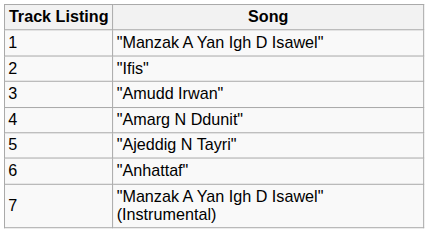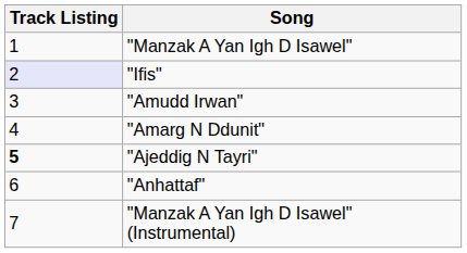 <table class="wikitable">
 <tr>
 <th width="100pt">Track Listing</th>
 <th width="300pt">Song</th>
 </tr>
 <tr>
 <td>1</td>
 <td>"Manzak A Yan Igh D Isawel"</td>
 </tr>
 <tr>
-<td>2</td>
+<td style="background: lavender;">2</td>
 <td>"Ifis"</td>
 </tr>
 <tr>
 <td>3</td>
 <td>"Amudd Irwan"</td>
 </tr>
 <tr>
 <td>4</td>
 <td>"Amarg N Ddunit"</td>
 </tr>
 <tr>
-<td>5</td>
+<td><strong>5</strong></td>
 <td>"Ajeddig N Tayri"</td>
 </tr>
 <tr>
 <td>6</td>
 <td>"Anhattaf"</td>
 </tr>
 <tr>
 <td>7</td>
 <td>"Manzak A Yan Igh D Isawel" (Instrumental)</td>
 </tr>
 </table>
